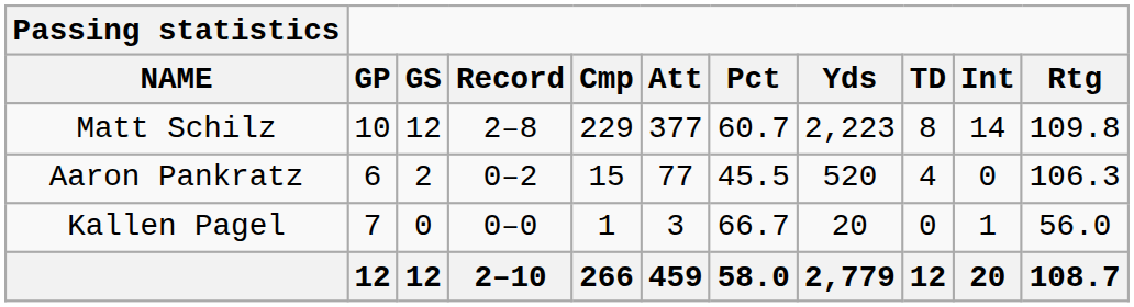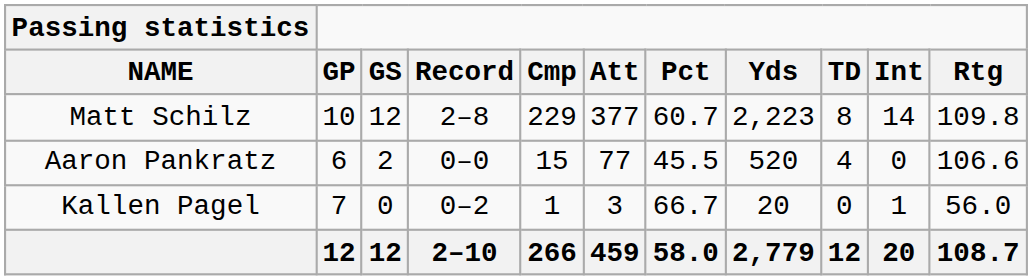 <table class="wikitable sortable" style="text-align:center;">
 <tr>
 <th style="text-align:center; ">Passing statistics</th>
 </tr>
 <tr>
 <th>NAME</th>
 <th>GP</th>
 <th>GS</th>
 <th>Record</th>
 <th>Cmp</th>
 <th>Att</th>
 <th>Pct</th>
 <th>Yds</th>
 <th>TD</th>
 <th>Int</th>
 <th>Rtg</th>
 </tr>
 <tr>
 <td>Matt Schilz</td>
 <td>10</td>
 <td>12</td>
 <td>2–8</td>
 <td>229</td>
 <td>377</td>
 <td>60.7</td>
 <td>2,223</td>
 <td>8</td>
 <td>14</td>
 <td>109.8</td>
 </tr>
 <tr>
 <td>Aaron Pankratz</td>
 <td>6</td>
 <td>2</td>
-<td>0–2</td>
+<td>0–0</td>
 <td>15</td>
 <td>77</td>
 <td>45.5</td>
 <td>520</td>
 <td>4</td>
 <td>0</td>
-<td>106.3</td>
+<td>106.6</td>
 </tr>
 <tr>
 <td>Kallen Pagel</td>
 <td>7</td>
 <td>0</td>
-<td>0–0</td>
+<td>0–2</td>
 <td>1</td>
 <td>3</td>
 <td>66.7</td>
 <td>20</td>
 <td>0</td>
 <td>1</td>
 <td>56.0</td>
 </tr>
 <tr>
 <th colspan="1"></th>
 <th>12</th>
 <th>12</th>
 <th>2–10</th>
 <th>266</th>
 <th>459</th>
 <th>58.0</th>
 <th>2,779</th>
 <th>12</th>
 <th>20</th>
 <th>108.7</th>
 </tr>
 </table>
